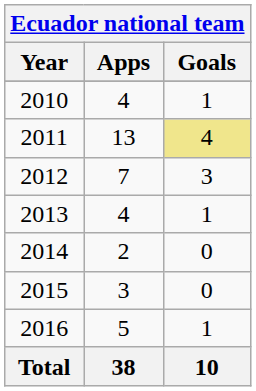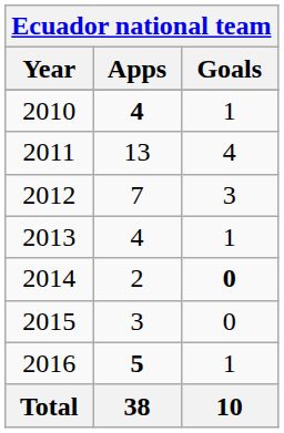 <table class="wikitable" style="text-align:center">
 <tr>
 <th colspan=3><a href='#'>Ecuador national team</a></th>
 </tr>
 <tr>
 <th>Year</th>
 <th>Apps</th>
 <th>Goals</th>
 </tr>
 <tr>
 </tr>
 <tr>
 <td>2010</td>
-<td>4</td>
+<td><strong>4</strong></td>
 <td>1</td>
 </tr>
 <tr>
 <td>2011</td>
 <td>13</td>
-<td style="background: khaki;">4</td>
+<td>4</td>
 </tr>
 <tr>
 <td>2012</td>
 <td>7</td>
 <td>3</td>
 </tr>
 <tr>
 <td>2013</td>
 <td>4</td>
 <td>1</td>
 </tr>
 <tr>
 <td>2014</td>
 <td>2</td>
-<td>0</td>
+<td><strong>0</strong></td>
 </tr>
 <tr>
 <td>2015</td>
 <td>3</td>
 <td>0</td>
 </tr>
 <tr>
 <td>2016</td>
-<td>5</td>
+<td><strong>5</strong></td>
 <td>1</td>
 </tr>
 <tr>
 <th>Total</th>
 <th>38</th>
 <th>10</th>
 </tr>
 </table>
